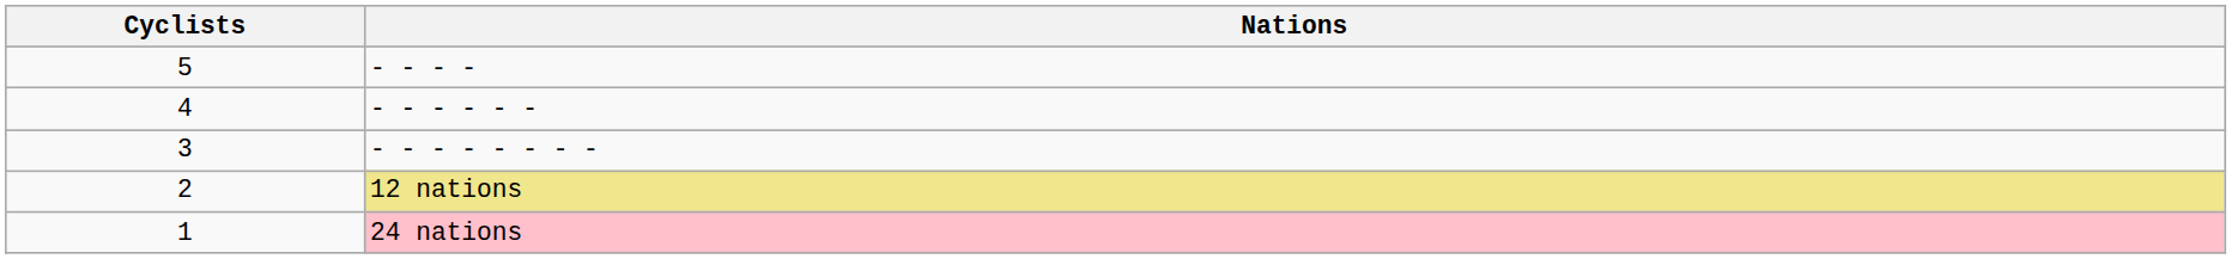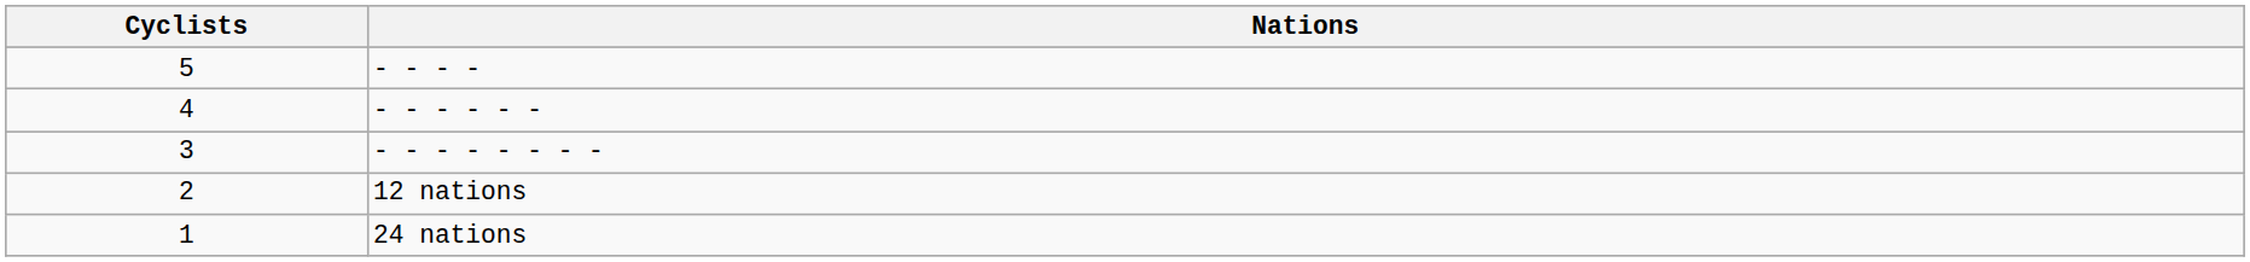 <table class="wikitable sortable" style="text-align:center; width: 90%;">
 <tr>
 <th width=20>Cyclists</th>
 <th width=350>Nations</th>
 </tr>
 <tr>
 <td align=center>5</td>
 <td align=left> -  -  -  - </td>
 </tr>
 <tr>
 <td align=center>4</td>
 <td align=left> -  -  -  -  -  - </td>
 </tr>
 <tr>
 <td align=center>3</td>
 <td align=left> -  -  -  -  -  -  -  - </td>
 </tr>
 <tr>
 <td align=center>2</td>
-<td align=left style="background: khaki;">12 nations</td>
+<td align=left>12 nations</td>
 </tr>
 <tr>
 <td align=center>1</td>
-<td align=left style="background: pink;">24 nations</td>
+<td align=left>24 nations</td>
 </tr>
 </table>
